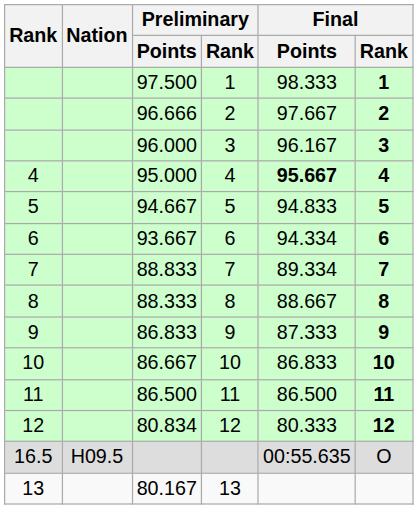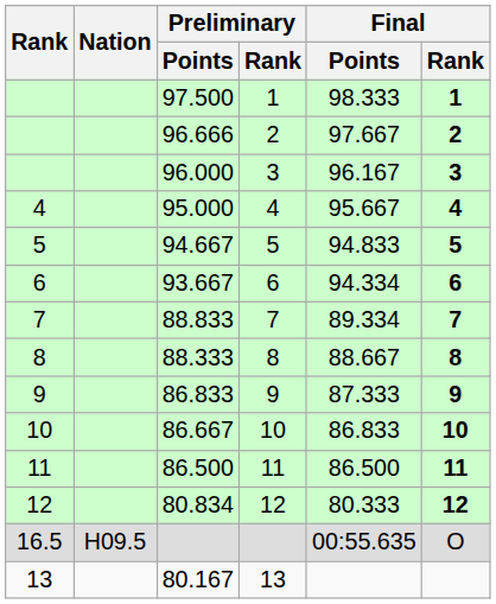 <table class="wikitable" style="text-align:center">
 <tr>
 <th rowspan="2">Rank</th>
 <th rowspan="2">Nation</th>
 <th colspan="2">Preliminary</th>
 <th colspan="2">Final</th>
 </tr>
 <tr>
 <th>Points</th>
 <th>Rank</th>
 <th>Points</th>
 <th>Rank</th>
 </tr>
 <tr bgcolor=ccffcc>
 <td></td>
 <td align=left></td>
 <td>97.500</td>
 <td>1</td>
 <td>98.333</td>
 <td><strong>1</strong></td>
 </tr>
 <tr bgcolor=ccffcc>
 <td></td>
 <td align=left></td>
 <td>96.666</td>
 <td>2</td>
 <td>97.667</td>
 <td><strong>2</strong></td>
 </tr>
 <tr bgcolor=ccffcc>
 <td></td>
 <td align=left></td>
 <td>96.000</td>
 <td>3</td>
 <td>96.167</td>
 <td><strong>3</strong></td>
 </tr>
 <tr bgcolor=ccffcc>
 <td>4</td>
 <td align=left></td>
 <td>95.000</td>
 <td>4</td>
-<td><strong>95.667</strong></td>
+<td>95.667</td>
 <td><strong>4</strong></td>
 </tr>
 <tr bgcolor=ccffcc>
 <td>5</td>
 <td align=left></td>
 <td>94.667</td>
 <td>5</td>
 <td>94.833</td>
 <td><strong>5</strong></td>
 </tr>
 <tr bgcolor=ccffcc>
 <td>6</td>
 <td align=left></td>
 <td>93.667</td>
 <td>6</td>
 <td>94.334</td>
 <td><strong>6</strong></td>
 </tr>
 <tr bgcolor=ccffcc>
 <td>7</td>
 <td align=left></td>
 <td>88.833</td>
 <td>7</td>
 <td>89.334</td>
 <td><strong>7</strong></td>
 </tr>
 <tr bgcolor=ccffcc>
 <td>8</td>
 <td align=left></td>
 <td>88.333</td>
 <td>8</td>
 <td>88.667</td>
 <td><strong>8</strong></td>
 </tr>
 <tr bgcolor=ccffcc>
 <td>9</td>
 <td align=left></td>
 <td>86.833</td>
 <td>9</td>
 <td>87.333</td>
 <td><strong>9</strong></td>
 </tr>
 <tr bgcolor=ccffcc>
 <td>10</td>
 <td align=left></td>
 <td>86.667</td>
 <td>10</td>
 <td>86.833</td>
 <td><strong>10</strong></td>
 </tr>
 <tr bgcolor=ccffcc>
 <td>11</td>
 <td align=left></td>
 <td>86.500</td>
 <td>11</td>
 <td>86.500</td>
 <td><strong>11</strong></td>
 </tr>
 <tr bgcolor=ccffcc>
 <td>12</td>
 <td align=left></td>
 <td>80.834</td>
 <td>12</td>
 <td>80.333</td>
 <td><strong>12</strong></td>
 </tr>
 <tr bgcolor=#DDDDDD>
 <td><span>16.5</span></td>
 <td><span>H09.5</span></td>
 <td></td>
 <td></td>
 <td><span>00:55.635</span></td>
 <td><span>O</span></td>
 </tr>
 <tr>
 <td>13</td>
 <td align=left></td>
 <td>80.167</td>
 <td>13</td>
 <td></td>
 <td><strong> </strong></td>
 </tr>
 </table>
